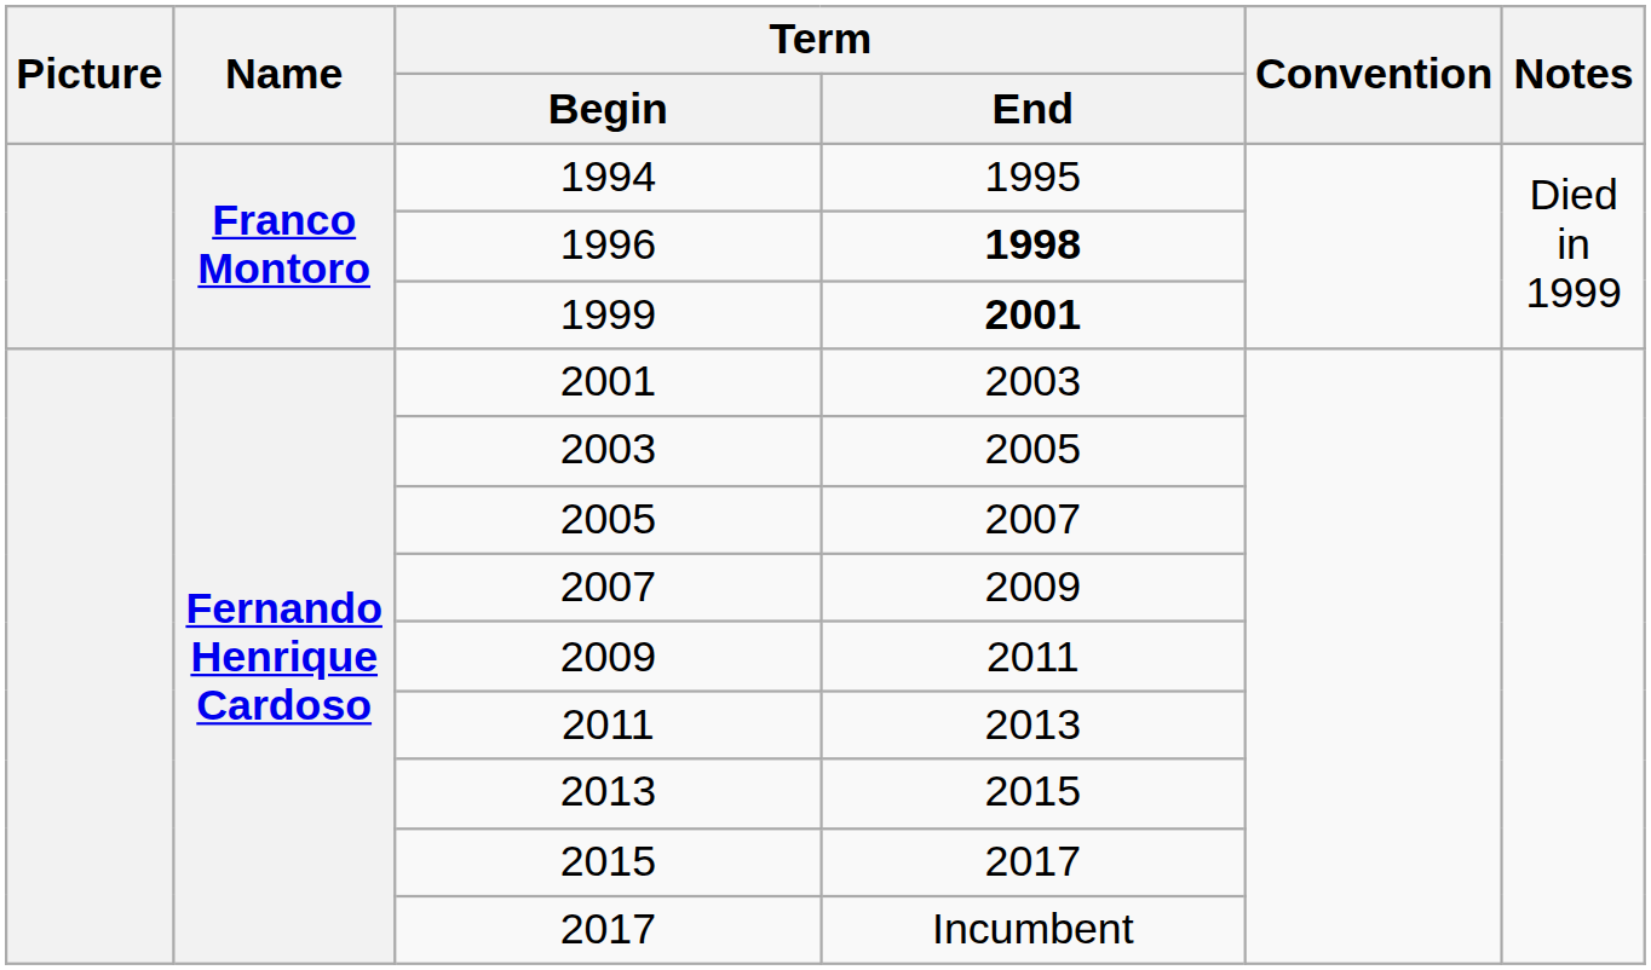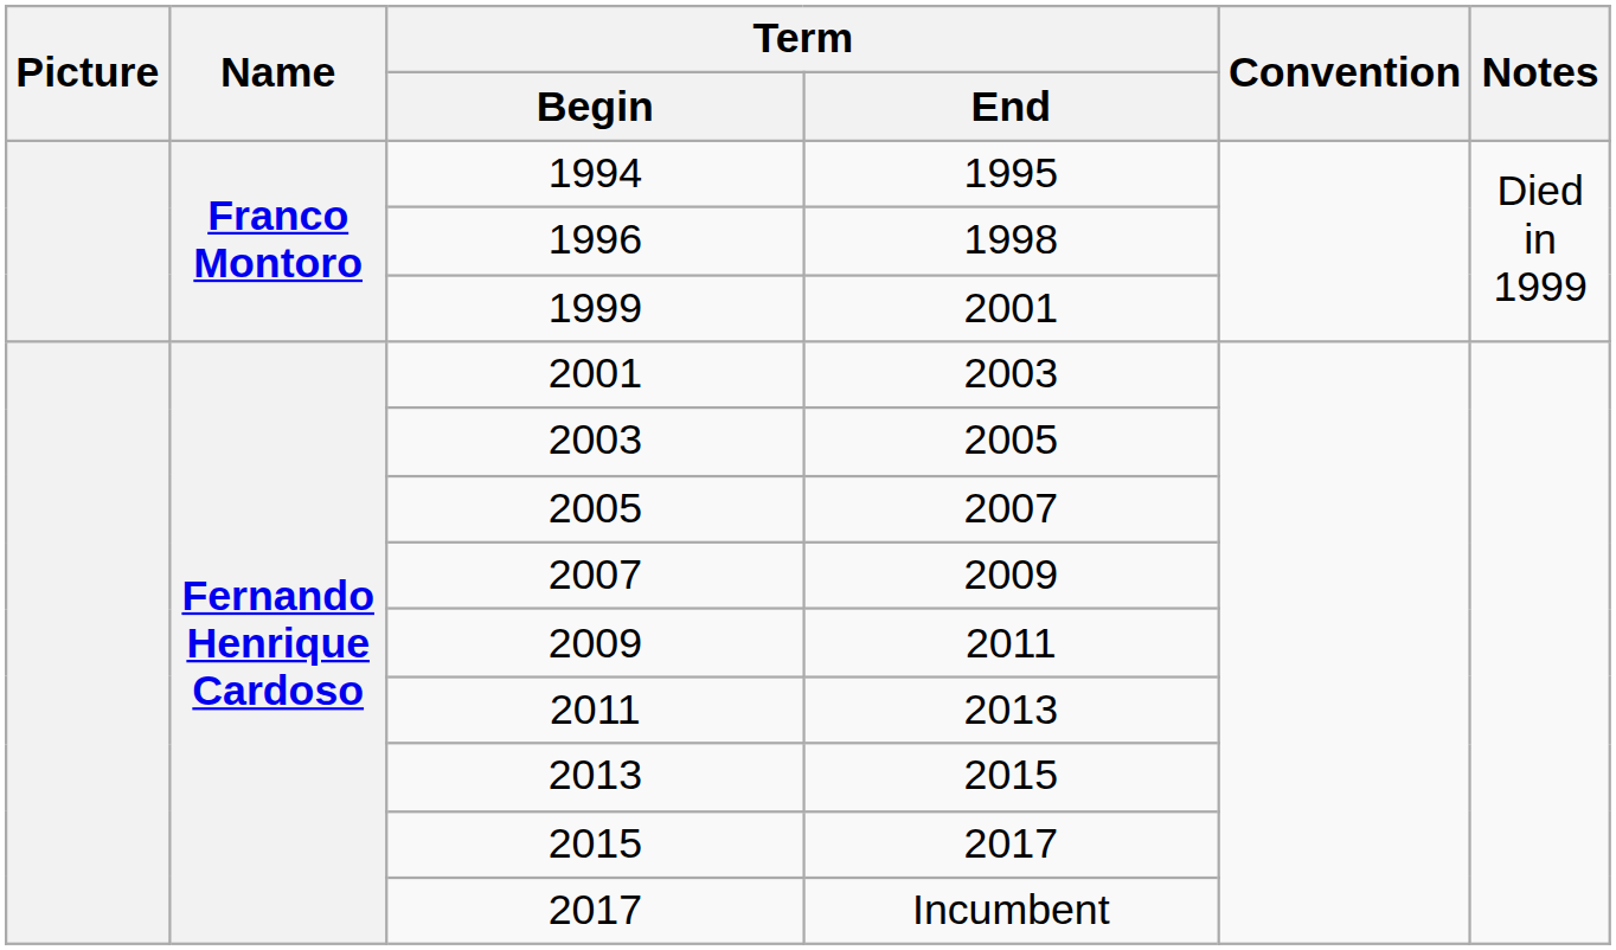 <table class="wikitable" style="text-align: center; ">
 <tr>
 <th rowspan="2">Picture</th>
 <th rowspan="2">Name</th>
 <th colspan="2">Term</th>
 <th rowspan="2">Convention</th>
 <th rowspan="2">Notes</th>
 </tr>
 <tr>
 <th width="150">Begin</th>
 <th width="150">End</th>
 </tr>
 <tr>
 <th rowspan="3"></th>
 <th rowspan="3"><a href='#'>Franco Montoro</a></th>
 <td>1994</td>
 <td>1995</td>
 <td rowspan="3"></td>
 <td rowspan="3">Died in 1999</td>
 </tr>
 <tr>
 <td>1996</td>
-<td><strong>1998</strong></td>
+<td>1998</td>
 </tr>
 <tr>
 <td>1999</td>
-<td><strong>2001</strong></td>
+<td>2001</td>
 </tr>
 <tr>
 <th rowspan="9"></th>
 <th rowspan="9"><a href='#'>Fernando Henrique Cardoso</a></th>
 <td>2001</td>
 <td>2003</td>
 <td rowspan="9"></td>
 <td rowspan="9"></td>
 </tr>
 <tr>
 <td>2003</td>
 <td>2005</td>
 </tr>
 <tr>
 <td>2005</td>
 <td>2007</td>
 </tr>
 <tr>
 <td>2007</td>
 <td>2009</td>
 </tr>
 <tr>
 <td>2009</td>
 <td>2011</td>
 </tr>
 <tr>
 <td>2011</td>
 <td>2013</td>
 </tr>
 <tr>
 <td>2013</td>
 <td>2015</td>
 </tr>
 <tr>
 <td>2015</td>
 <td>2017</td>
 </tr>
 <tr>
 <td>2017</td>
 <td>Incumbent</td>
 </tr>
 </table>
